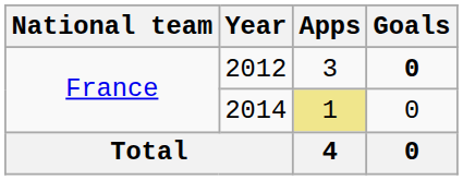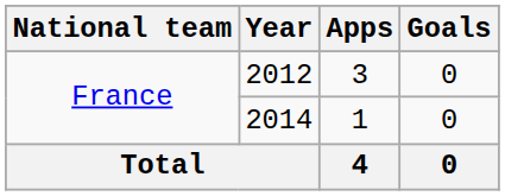 <table class="wikitable" style="text-align: center;">
 <tr>
 <th>National team</th>
 <th>Year</th>
 <th>Apps</th>
 <th>Goals</th>
 </tr>
 <tr>
 <td rowspan="2"><a href='#'>France</a></td>
 <td>2012</td>
 <td>3</td>
-<td><strong>0</strong></td>
+<td>0</td>
 </tr>
 <tr>
 <td>2014</td>
-<td style="background: khaki;">1</td>
+<td>1</td>
 <td>0</td>
 </tr>
 <tr>
 <th colspan="2">Total</th>
 <th>4</th>
 <th>0</th>
 </tr>
 </table>
